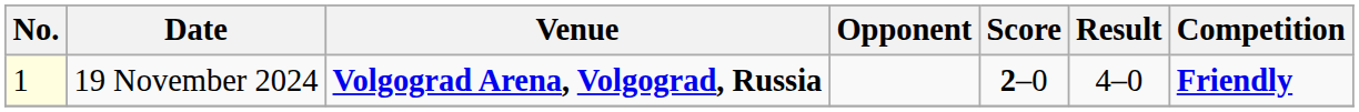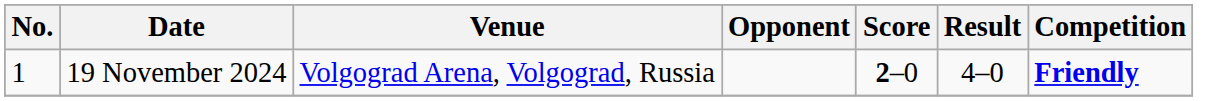 <table class="wikitable">
 <tr>
 <th>No.</th>
 <th>Date</th>
 <th>Venue</th>
 <th>Opponent</th>
 <th>Score</th>
 <th>Result</th>
 <th>Competition</th>
 </tr>
 <tr>
-<td style="background: lightyellow;">1</td>
+<td>1</td>
 <td>19 November 2024</td>
-<td><strong><a href='#'>Volgograd Arena</a>, <a href='#'>Volgograd</a>, Russia</strong></td>
+<td><a href='#'>Volgograd Arena</a>, <a href='#'>Volgograd</a>, Russia</td>
 <td></td>
 <td align=center><strong>2</strong>–0</td>
 <td align=center>4–0</td>
 <td><strong><a href='#'>Friendly</a></strong></td>
 </tr>
 <tr>
 </tr>
 </table>
